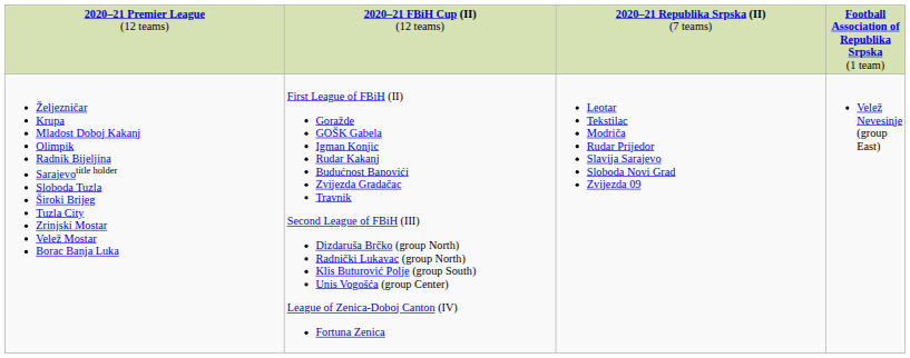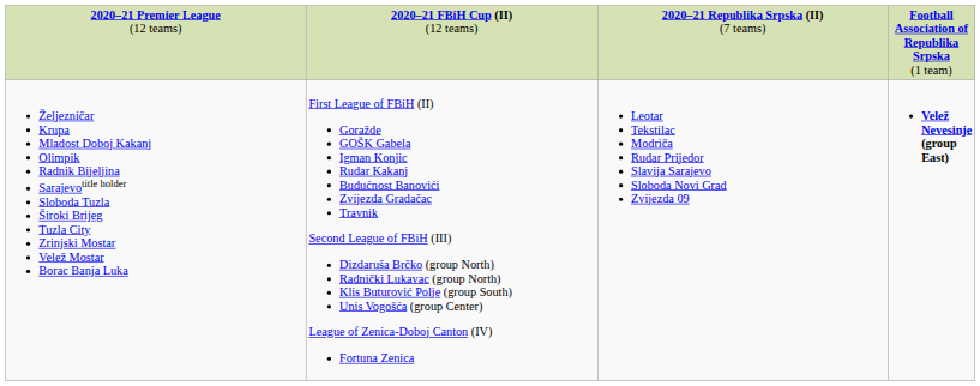 <table class="wikitable" style="width:100%">
 <tr style="vertical-align:top; background:#d6e2b3; text-align:center;">
 <td style="width:34%;"><strong><a href='#'>2020–21 Premier League</a></strong><br>(12 teams)</td>
 <td style="width:33%;"><strong><a href='#'>2020–21 FBiH Cup</a> (II)</strong><br>(12 teams)</td>
 <td style="width:33%;"><strong><a href='#'>2020–21 Republika Srpska</a> (II)</strong><br>(7 teams)</td>
 <td style="width:33%;"><strong><a href='#'>Football Association of Republika Srpska</a></strong><br>(1 team)</td>
 </tr>
 <tr valign="top">
 <td><br><ul><li><a href='#'>Željezničar</a></li><li><a href='#'>Krupa</a></li><li><a href='#'>Mladost Doboj Kakanj</a></li><li><a href='#'>Olimpik</a></li><li><a href='#'>Radnik Bijeljina</a></li><li><a href='#'>Sarajevo</a><sup>title holder</sup></li><li><a href='#'>Sloboda Tuzla</a></li><li><a href='#'>Široki Brijeg</a></li><li><a href='#'>Tuzla City</a></li><li><a href='#'>Zrinjski Mostar</a></li><li><a href='#'>Velež Mostar</a></li><li><a href='#'>Borac Banja Luka</a></li></ul></td>
 <td><br><a href='#'>First League of FBiH</a> (II)<ul><li><a href='#'>Goražde</a></li><li><a href='#'>GOŠK Gabela</a></li><li><a href='#'>Igman Konjic</a></li><li><a href='#'>Rudar Kakanj</a></li><li><a href='#'>Budućnost Banovići</a></li><li><a href='#'>Zvijezda Gradačac</a></li><li><a href='#'>Travnik</a></li></ul><a href='#'>Second League of FBiH</a> (III)<ul><li><a href='#'>Dizdaruša Brčko</a> (group North)</li><li><a href='#'>Radnički Lukavac</a> (group North)</li><li><a href='#'>Klis Buturović Polje</a> (group South)</li><li><a href='#'>Unis Vogošća</a> (group Center)</li></ul><a href='#'>League of Zenica-Doboj Canton</a> (IV)<ul><li><a href='#'>Fortuna Zenica</a></li></ul></td>
 <td><br><ul><li><a href='#'>Leotar</a></li><li><a href='#'>Tekstilac</a></li><li><a href='#'>Modriča</a></li><li><a href='#'>Rudar Prijedor</a></li><li><a href='#'>Slavija Sarajevo</a></li><li><a href='#'>Sloboda Novi Grad</a></li><li><a href='#'>Zvijezda 09</a></li></ul></td>
-<td><br><ul><li><a href='#'>Velež Nevesinje</a> (group East)</li></ul></td>
+<td><strong><br><ul><li><a href='#'>Velež Nevesinje</a> (group East)</li></ul></strong></td>
 </tr>
 </table>
